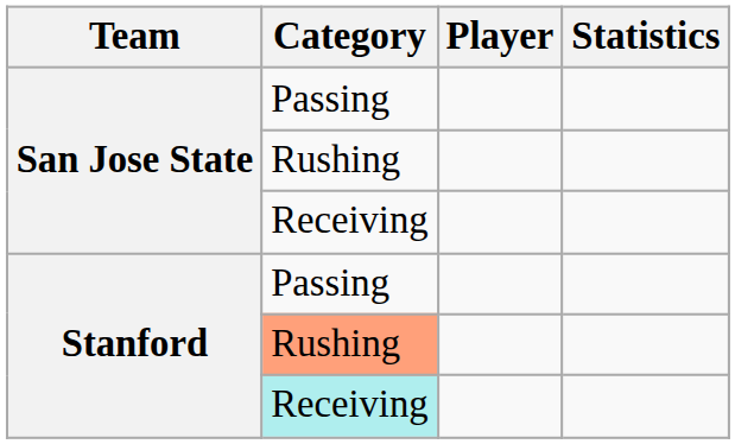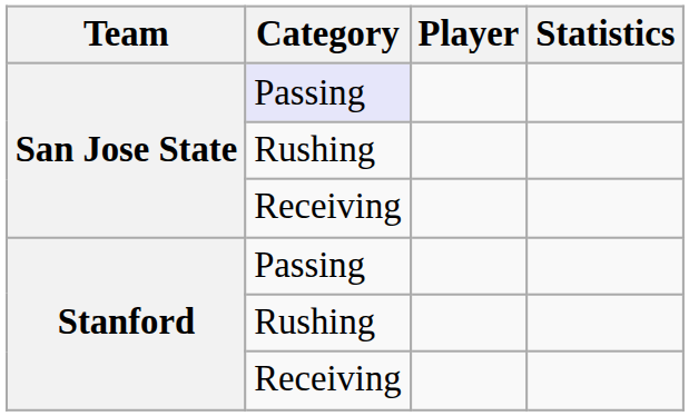 <table class="wikitable" style="float:right">
 <tr>
 <th>Team</th>
 <th>Category</th>
 <th>Player</th>
 <th>Statistics</th>
 </tr>
 <tr>
 <th rowspan=3>San Jose State</th>
-<td>Passing</td>
+<td style="background: lavender;">Passing</td>
 <td></td>
 <td></td>
 </tr>
 <tr>
 <td>Rushing</td>
 <td></td>
 <td></td>
 </tr>
 <tr>
 <td>Receiving</td>
 <td></td>
 <td></td>
 </tr>
 <tr>
 <th rowspan=3>Stanford</th>
 <td>Passing</td>
 <td></td>
 <td></td>
 </tr>
 <tr>
-<td style="background: lightsalmon;">Rushing</td>
+<td>Rushing</td>
 <td></td>
 <td></td>
 </tr>
 <tr>
-<td style="background: paleturquoise;">Receiving</td>
+<td>Receiving</td>
 <td></td>
 <td></td>
 </tr>
 </table>
